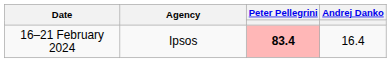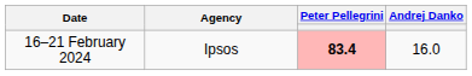 <table class="wikitable" style="text-align:center;">
 <tr style="font-size:80%;">
 <th style="width:150px;" rowspan="2">Date</th>
 <th style="width:165px;" rowspan="2">Agency</th>
 <th><a href='#'>Peter Pellegrini</a></th>
 <th><a href='#'>Andrej Danko</a></th>
 </tr>
 <tr>
 <th style="background:"></th>
 <th style="background:"></th>
 </tr>
 <tr>
 <td>16–21 February 2024</td>
 <td>Ipsos</td>
 <td style="background:#FFB7B7;"><strong>83.4</strong></td>
-<td>16.4</td>
+<td>16.0</td>
 </tr>
 </table>
